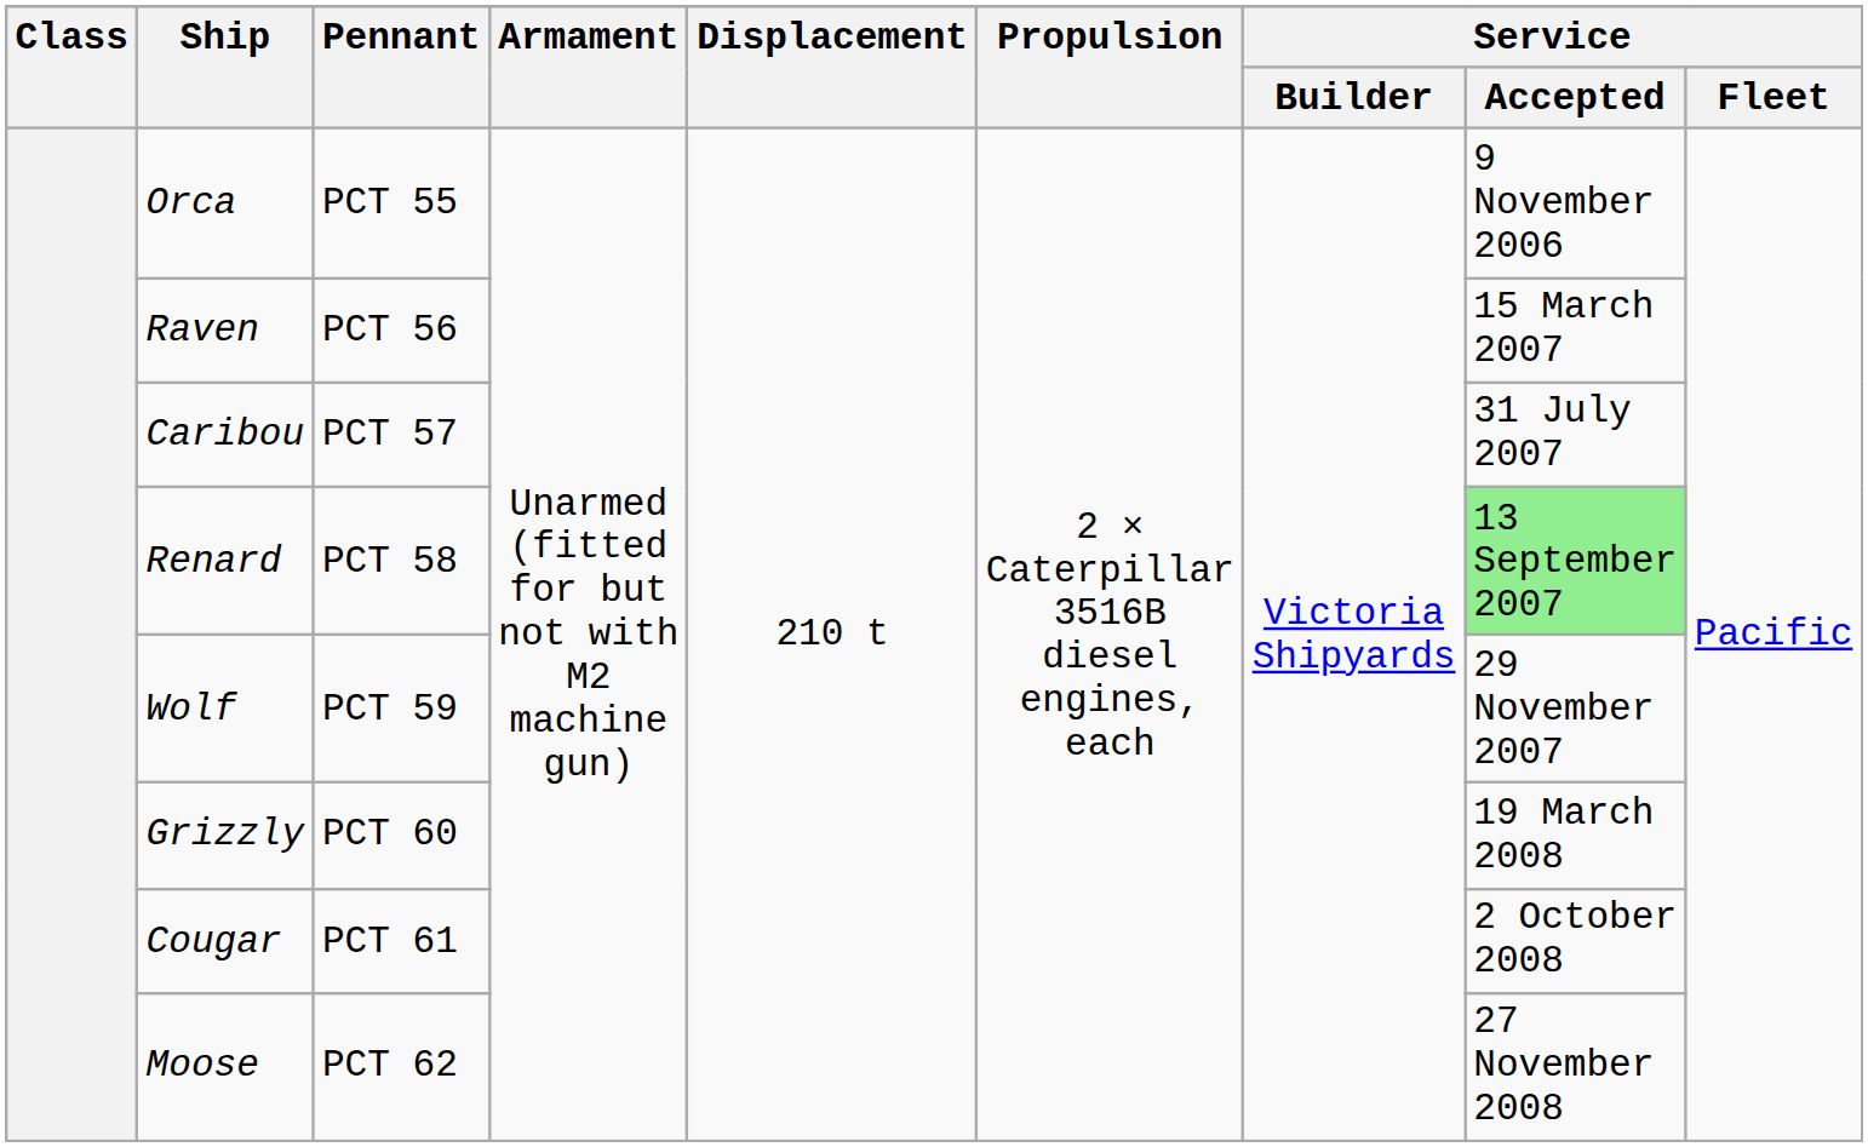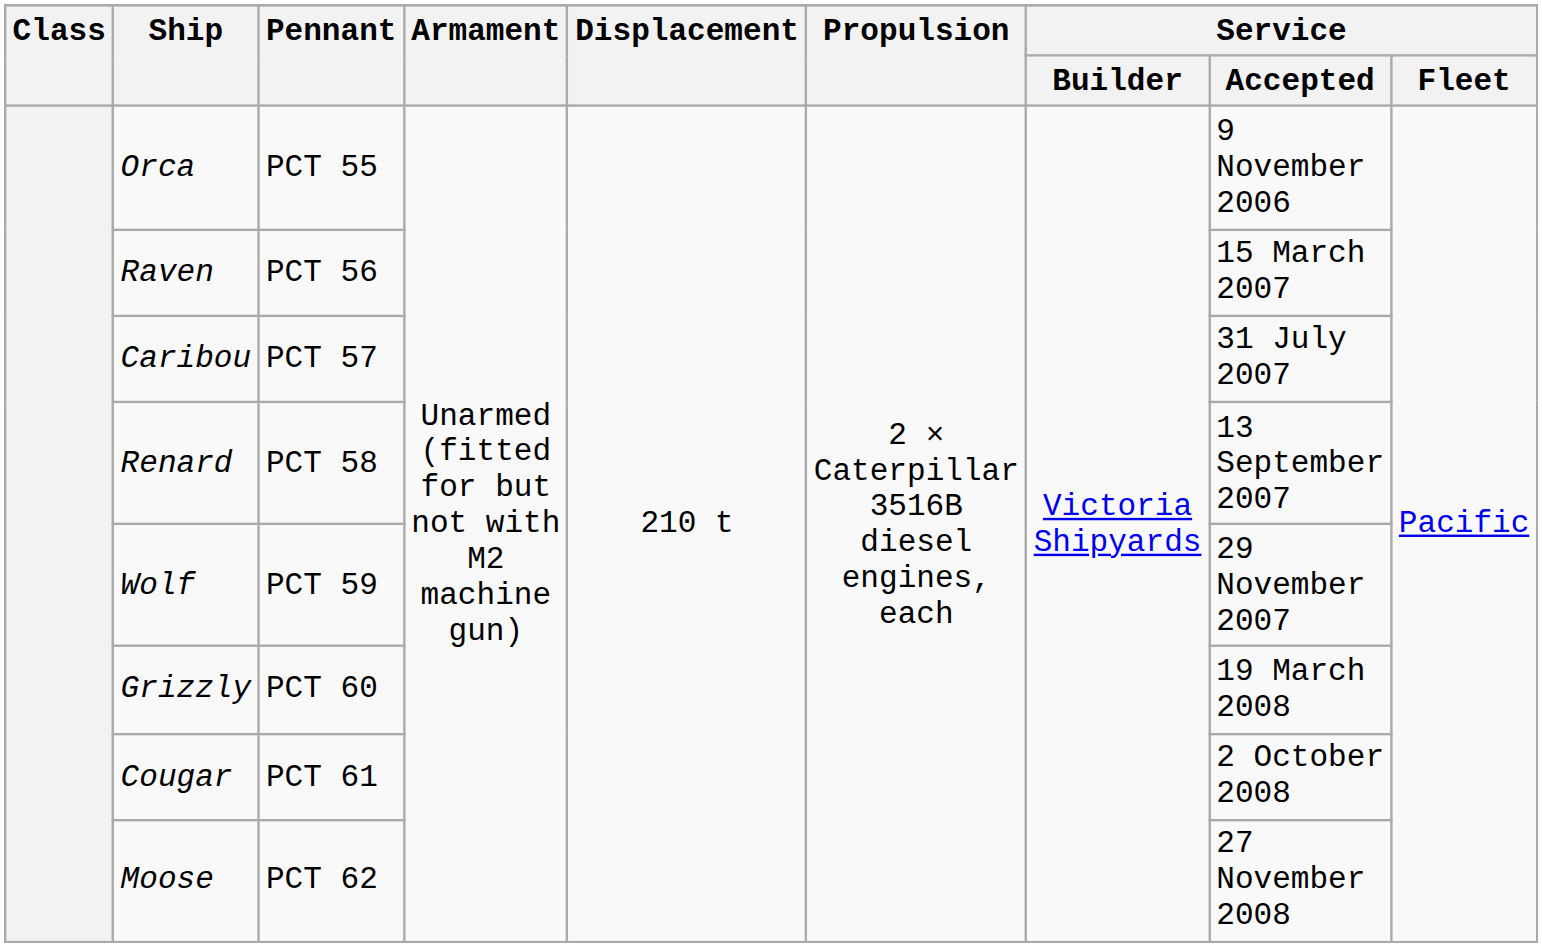 <table class="wikitable" style="width:80%;">
 <tr>
 </tr>
 <tr valign="top">
 <th rowspan="2" scope="col">Class</th>
 <th rowspan="2" scope="col">Ship</th>
 <th rowspan="2" scope="col">Pennant</th>
 <th rowspan="2" scope="col">Armament</th>
 <th rowspan="2" scope="col">Displacement</th>
 <th rowspan="2" scope="col">Propulsion</th>
 <th colspan="3" scope="col">Service</th>
 </tr>
 <tr valign="top">
 <th scope="col">Builder</th>
 <th scope="col">Accepted</th>
 <th scope="col">Fleet</th>
 </tr>
 <tr valign="center">
 <th rowspan="8" align="center"></th>
 <td><em>Orca</em></td>
 <td>PCT 55</td>
 <td rowspan="8" align="center">Unarmed (fitted for but not with M2 machine gun)</td>
 <td rowspan="8" align="center">210 t</td>
 <td rowspan="8" align="center">2 × Caterpillar 3516B diesel engines,  each</td>
 <td rowspan="8" align="center"><a href='#'>Victoria Shipyards</a></td>
 <td>9 November 2006</td>
 <td rowspan="8" align="center"><a href='#'>Pacific</a></td>
 </tr>
 <tr>
 <td><em>Raven</em></td>
 <td>PCT 56</td>
 <td>15 March 2007</td>
 </tr>
 <tr>
 <td><em>Caribou</em></td>
 <td>PCT 57</td>
 <td>31 July 2007</td>
 </tr>
 <tr>
 <td><em>Renard</em></td>
 <td>PCT 58</td>
-<td style="background: lightgreen;">13 September 2007</td>
+<td>13 September 2007</td>
 </tr>
 <tr>
 <td><em>Wolf</em></td>
 <td>PCT 59</td>
 <td>29 November 2007</td>
 </tr>
 <tr>
 <td><em>Grizzly</em></td>
 <td>PCT 60</td>
 <td>19 March 2008</td>
 </tr>
 <tr>
 <td><em>Cougar</em></td>
 <td>PCT 61</td>
 <td>2 October 2008</td>
 </tr>
 <tr>
 <td><em>Moose</em></td>
 <td>PCT 62</td>
 <td>27 November 2008</td>
 </tr>
 </table>
